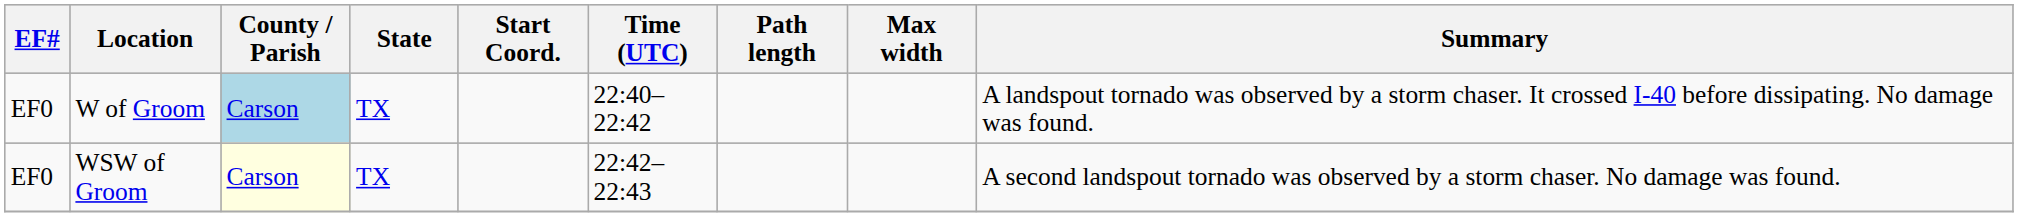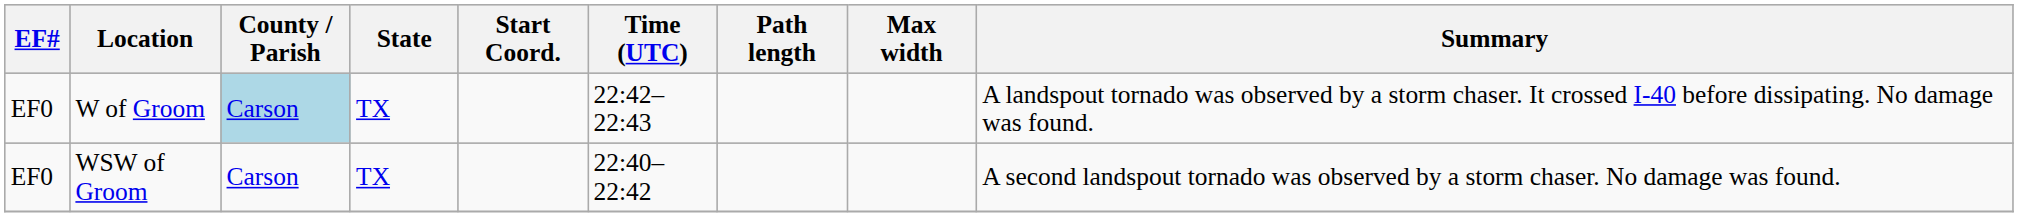 <table class="wikitable sortable" style="width:100%;">
 <tr>
 <th scope="col"  style="width:3%; text-align:center;"><a href='#'>EF#</a></th>
 <th scope="col"  style="width:7%; text-align:center;" class="unsortable">Location</th>
 <th scope="col"  style="width:6%; text-align:center;" class="unsortable">County / Parish</th>
 <th scope="col"  style="width:5%; text-align:center;">State</th>
 <th scope="col"  style="width:6%; text-align:center;">Start Coord.</th>
 <th scope="col"  style="width:6%; text-align:center;">Time (<a href='#'>UTC</a>)</th>
 <th scope="col"  style="width:6%; text-align:center;">Path length</th>
 <th scope="col"  style="width:6%; text-align:center;">Max width</th>
 <th scope="col" class="unsortable" style="width:48%; text-align:center;">Summary</th>
 </tr>
 <tr>
 <td>EF0</td>
 <td>W of <a href='#'>Groom</a></td>
 <td style="background: lightblue;"><a href='#'>Carson</a></td>
 <td><a href='#'>TX</a></td>
 <td></td>
-<td>22:40–22:42</td>
+<td>22:42–22:43</td>
 <td></td>
 <td></td>
 <td>A landspout tornado was observed by a storm chaser. It crossed <a href='#'>I-40</a> before dissipating. No damage was found.</td>
 </tr>
 <tr>
 <td>EF0</td>
 <td>WSW of <a href='#'>Groom</a></td>
-<td style="background: lightyellow;"><a href='#'>Carson</a></td>
+<td><a href='#'>Carson</a></td>
 <td><a href='#'>TX</a></td>
 <td></td>
-<td>22:42–22:43</td>
+<td>22:40–22:42</td>
 <td></td>
 <td></td>
 <td>A second landspout tornado was observed by a storm chaser. No damage was found.</td>
 </tr>
 <tr>
 </tr>
 </table>
